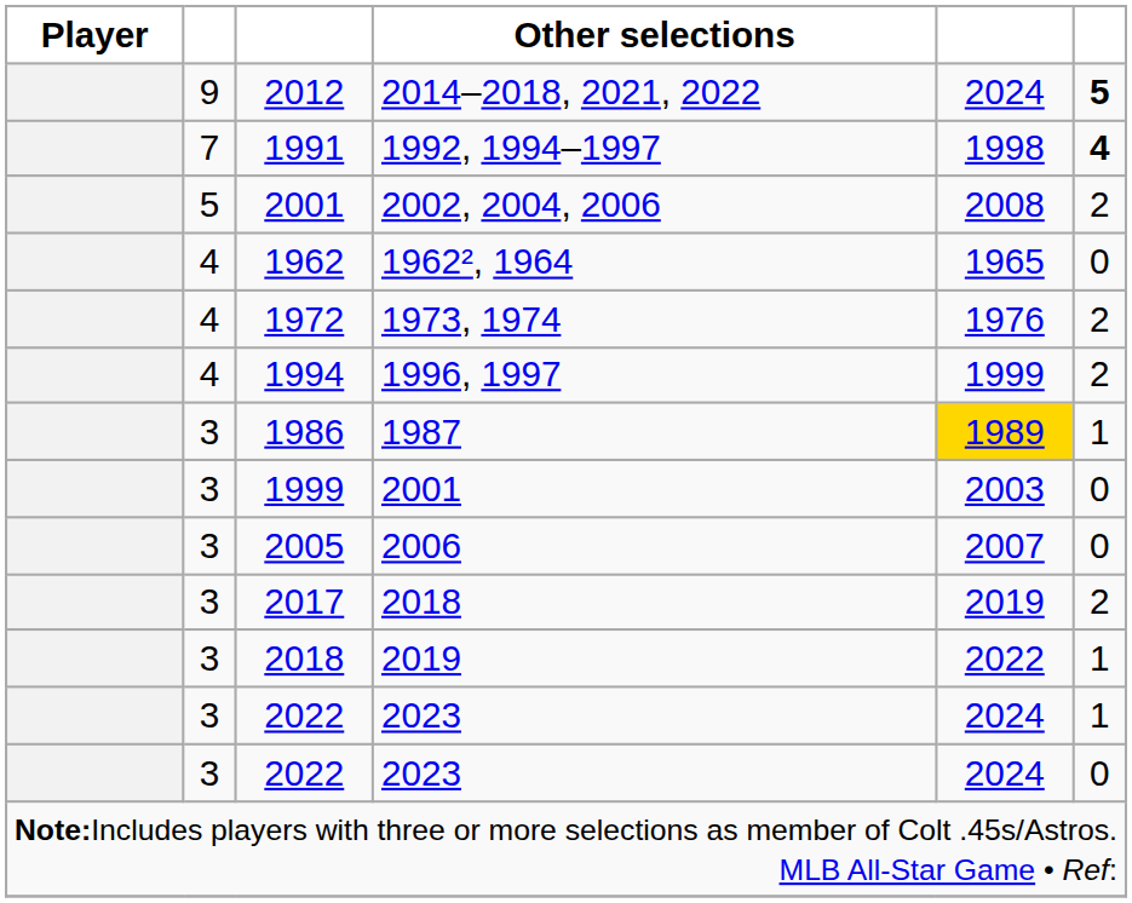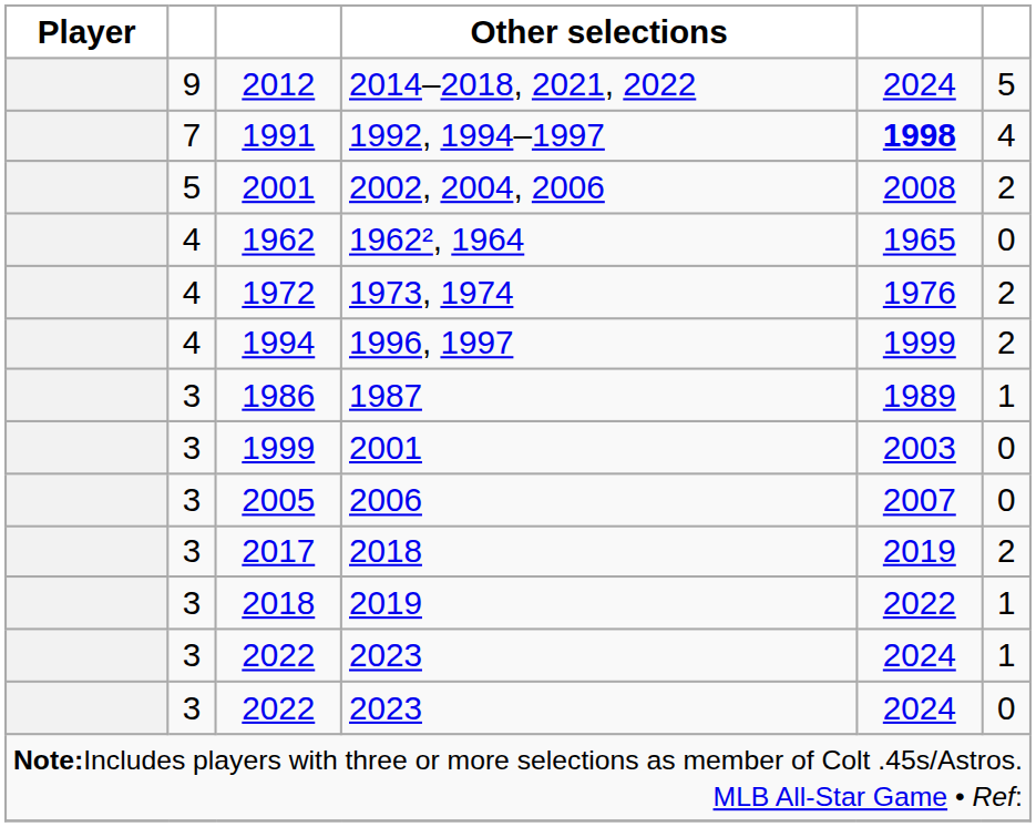 <table class="wikitable sortable plainrowheaders" style="font-size: 90%; text-align:center">
 <tr>
 <th scope="col" style="background-color:#ffffff; border-top:#">Player</th>
 <th scope="col" style="background-color:#ffffff; border-top:#"></th>
 <th scope="col" style="background-color:#ffffff; border-top:#"></th>
 <th scope="col" class="unsortable" style="background-color:#ffffff; border-top:#">Other selections</th>
 <th scope="col" style="background-color:#ffffff; border-top:#"></th>
 <th scope="col" style="background-color:#ffffff; border-top:#"></th>
 </tr>
 <tr>
 <th scope="row" style="text-align:left"></th>
 <td>9</td>
 <td><a href='#'>2012</a></td>
 <td style="text-align:left"><a href='#'>2014</a>–<a href='#'>2018</a>, <a href='#'>2021</a>, <a href='#'>2022</a></td>
 <td><a href='#'>2024</a></td>
-<td><strong>5</strong></td>
+<td>5</td>
 </tr>
 <tr>
 <th scope="row" style="text-align:left"></th>
 <td>7</td>
 <td><a href='#'>1991</a></td>
 <td style="text-align:left"><a href='#'>1992</a>, <a href='#'>1994</a>–<a href='#'>1997</a></td>
-<td><a href='#'>1998</a></td>
-<td><strong>4</strong></td>
+<td><strong><a href='#'>1998</a></strong></td>
+<td>4</td>
 </tr>
 <tr>
 <th scope="row" style="text-align:left"></th>
 <td>5</td>
 <td><a href='#'>2001</a></td>
 <td style="text-align:left"><a href='#'>2002</a>, <a href='#'>2004</a>, <a href='#'>2006</a></td>
 <td><a href='#'>2008</a></td>
 <td>2</td>
 </tr>
 <tr>
 <th scope="row" style="text-align:left"></th>
 <td>4</td>
 <td><a href='#'>1962</a></td>
 <td style="text-align:left"><a href='#'>1962²</a>, <a href='#'>1964</a></td>
 <td><a href='#'>1965</a></td>
 <td>0</td>
 </tr>
 <tr>
 <th scope="row" style="text-align:left"></th>
 <td>4</td>
 <td><a href='#'>1972</a></td>
 <td style="text-align:left"><a href='#'>1973</a>, <a href='#'>1974</a></td>
 <td><a href='#'>1976</a></td>
 <td>2</td>
 </tr>
 <tr>
 <th scope="row" style="text-align:left"></th>
 <td>4</td>
 <td><a href='#'>1994</a></td>
 <td style="text-align:left"><a href='#'>1996</a>, <a href='#'>1997</a></td>
 <td><a href='#'>1999</a></td>
 <td>2</td>
 </tr>
 <tr>
 <th scope="row" style="text-align:left"></th>
 <td>3</td>
 <td><a href='#'>1986</a></td>
 <td style="text-align:left"><a href='#'>1987</a></td>
-<td style="background: gold;"><a href='#'>1989</a></td>
+<td><a href='#'>1989</a></td>
 <td>1</td>
 </tr>
 <tr>
 <th scope="row" style="text-align:left"></th>
 <td>3</td>
 <td><a href='#'>1999</a></td>
 <td style="text-align:left"><a href='#'>2001</a></td>
 <td><a href='#'>2003</a></td>
 <td>0</td>
 </tr>
 <tr>
 <th scope="row" style="text-align:left"></th>
 <td>3</td>
 <td><a href='#'>2005</a></td>
 <td style="text-align:left"><a href='#'>2006</a></td>
 <td><a href='#'>2007</a></td>
 <td>0</td>
 </tr>
 <tr>
 <th scope="row" style="text-align:left"></th>
 <td>3</td>
 <td><a href='#'>2017</a></td>
 <td style="text-align:left"><a href='#'>2018</a></td>
 <td><a href='#'>2019</a></td>
 <td>2</td>
 </tr>
 <tr>
 <th scope="row" style="text-align:left"></th>
 <td>3</td>
 <td><a href='#'>2018</a></td>
 <td style="text-align:left"><a href='#'>2019</a></td>
 <td><a href='#'>2022</a></td>
 <td>1</td>
 </tr>
 <tr>
 <th scope="row" style="text-align:left"></th>
 <td>3</td>
 <td><a href='#'>2022</a></td>
 <td style="text-align:left"><a href='#'>2023</a></td>
 <td><a href='#'>2024</a></td>
 <td>1</td>
 </tr>
 <tr>
 <th scope="row" style="text-align:left"></th>
 <td>3</td>
 <td><a href='#'>2022</a></td>
 <td style="text-align:left"><a href='#'>2023</a></td>
 <td><a href='#'>2024</a></td>
 <td>0</td>
 </tr>
 <tr class="sortbottom">
 <td style="text-align:right"; colspan="6"><small><strong>Note:</strong>Includes players with three or more selections as member of Colt .45s/Astros.<br> <a href='#'>MLB All-Star Game</a> • <em>Ref</em>:</small></td>
 </tr>
 <tr>
 </tr>
 </table>
